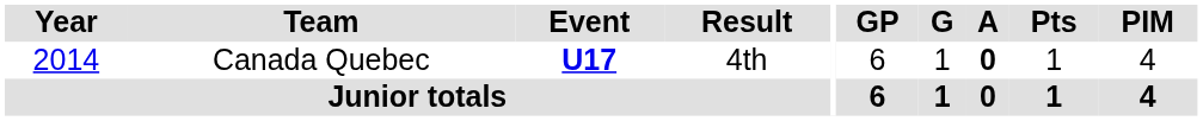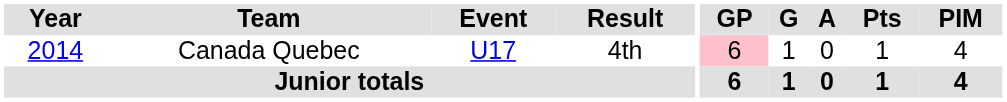 <table border="0" cellpadding="1" cellspacing="0" ID="Table3" style="text-align:center; width:40em">
 <tr bgcolor="#e0e0e0">
 <th>Year</th>
 <th>Team</th>
 <th>Event</th>
 <th>Result</th>
 <th rowspan="99" bgcolor="#ffffff"></th>
 <th>GP</th>
 <th>G</th>
 <th>A</th>
 <th>Pts</th>
 <th>PIM</th>
 </tr>
 <tr>
 <td><a href='#'>2014</a></td>
 <td>Canada Quebec</td>
-<td><strong><a href='#'>U17</a></strong></td>
+<td><a href='#'>U17</a></td>
 <td>4th</td>
-<td>6</td>
+<td style="background: pink;">6</td>
 <td>1</td>
-<td><strong>0</strong></td>
+<td>0</td>
 <td>1</td>
 <td>4</td>
 </tr>
 <tr bgcolor="#e0e0e0">
 <th colspan="4">Junior totals</th>
 <th>6</th>
 <th>1</th>
 <th>0</th>
 <th>1</th>
 <th>4</th>
 </tr>
 </table>
